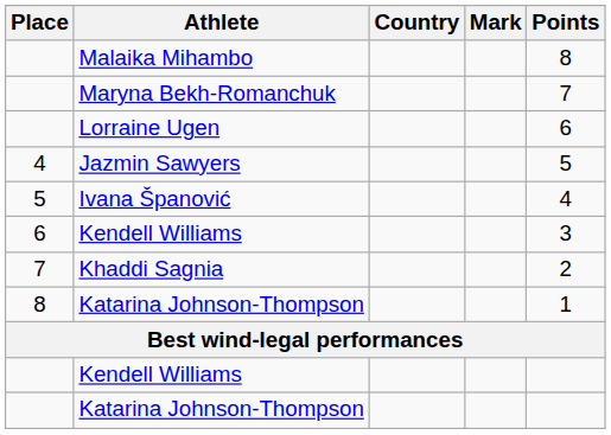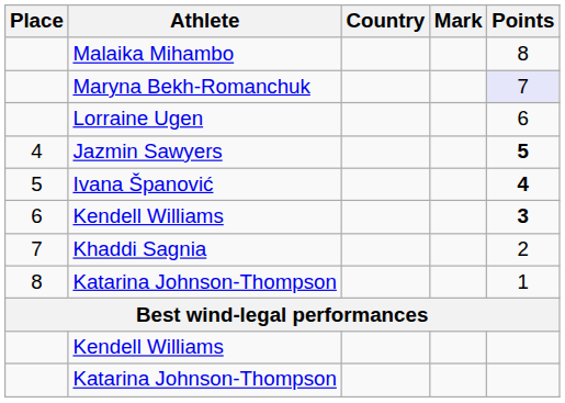 <table class="wikitable">
 <tr>
 <th>Place</th>
 <th>Athlete</th>
 <th>Country</th>
 <th>Mark</th>
 <th>Points</th>
 </tr>
 <tr>
 <td align=center></td>
 <td><a href='#'>Malaika Mihambo</a></td>
 <td></td>
 <td> </td>
 <td align=center>8</td>
 </tr>
 <tr>
 <td align=center></td>
 <td><a href='#'>Maryna Bekh-Romanchuk</a></td>
 <td></td>
 <td> </td>
-<td align=center>7</td>
+<td align=center style="background: lavender;">7</td>
 </tr>
 <tr>
 <td align=center></td>
 <td><a href='#'>Lorraine Ugen</a></td>
 <td></td>
 <td> </td>
 <td align=center>6</td>
 </tr>
 <tr>
 <td align=center>4</td>
 <td><a href='#'>Jazmin Sawyers</a></td>
 <td></td>
 <td> </td>
-<td align=center>5</td>
+<td align=center><strong>5</strong></td>
 </tr>
 <tr>
 <td align=center>5</td>
 <td><a href='#'>Ivana Španović</a></td>
 <td></td>
 <td> </td>
-<td align=center>4</td>
+<td align=center><strong>4</strong></td>
 </tr>
 <tr>
 <td align=center>6</td>
 <td><a href='#'>Kendell Williams</a></td>
 <td></td>
 <td> </td>
-<td align=center>3</td>
+<td align=center><strong>3</strong></td>
 </tr>
 <tr>
 <td align=center>7</td>
 <td><a href='#'>Khaddi Sagnia</a></td>
 <td></td>
 <td> </td>
 <td align=center>2</td>
 </tr>
 <tr>
 <td align=center>8</td>
 <td><a href='#'>Katarina Johnson-Thompson</a></td>
 <td></td>
 <td> </td>
 <td align=center>1</td>
 </tr>
 <tr>
 <th align=center colspan=5>Best wind-legal performances</th>
 </tr>
 <tr>
 <td align=center></td>
 <td><a href='#'>Kendell Williams</a></td>
 <td></td>
 <td> </td>
 <td align=center></td>
 </tr>
 <tr>
 <td align=center></td>
 <td><a href='#'>Katarina Johnson-Thompson</a></td>
 <td></td>
 <td> </td>
 <td align=center></td>
 </tr>
 </table>
